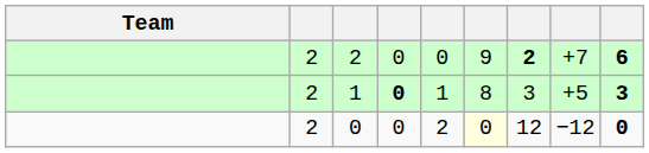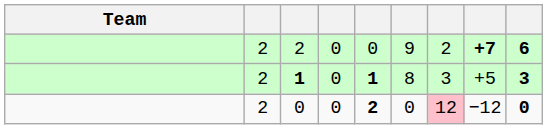 <table class="wikitable" style="text-align:center">
 <tr>
 <th width="165">Team</th>
 <th width="20"></th>
 <th width="20"></th>
 <th width="20"></th>
 <th width="20"></th>
 <th width="20"></th>
 <th width="20"></th>
 <th width="20"></th>
 <th width="20"></th>
 </tr>
 <tr bgcolor="#ccffcc">
 <td align=left></td>
 <td>2</td>
 <td>2</td>
 <td>0</td>
 <td>0</td>
 <td>9</td>
-<td><strong>2</strong></td>
-<td>+7</td>
+<td>2</td>
+<td><strong>+7</strong></td>
 <td><strong>6</strong></td>
 </tr>
 <tr bgcolor="#ccffcc">
 <td align=left></td>
 <td>2</td>
-<td>1</td>
-<td><strong>0</strong></td>
-<td>1</td>
+<td><strong>1</strong></td>
+<td>0</td>
+<td><strong>1</strong></td>
 <td>8</td>
 <td>3</td>
 <td>+5</td>
 <td><strong>3</strong></td>
 </tr>
 <tr>
 <td align=left></td>
 <td>2</td>
 <td>0</td>
 <td>0</td>
-<td>2</td>
-<td style="background: lightyellow;">0</td>
-<td>12</td>
+<td><strong>2</strong></td>
+<td>0</td>
+<td style="background: pink;">12</td>
 <td>−12</td>
 <td><strong>0</strong></td>
 </tr>
 </table>
